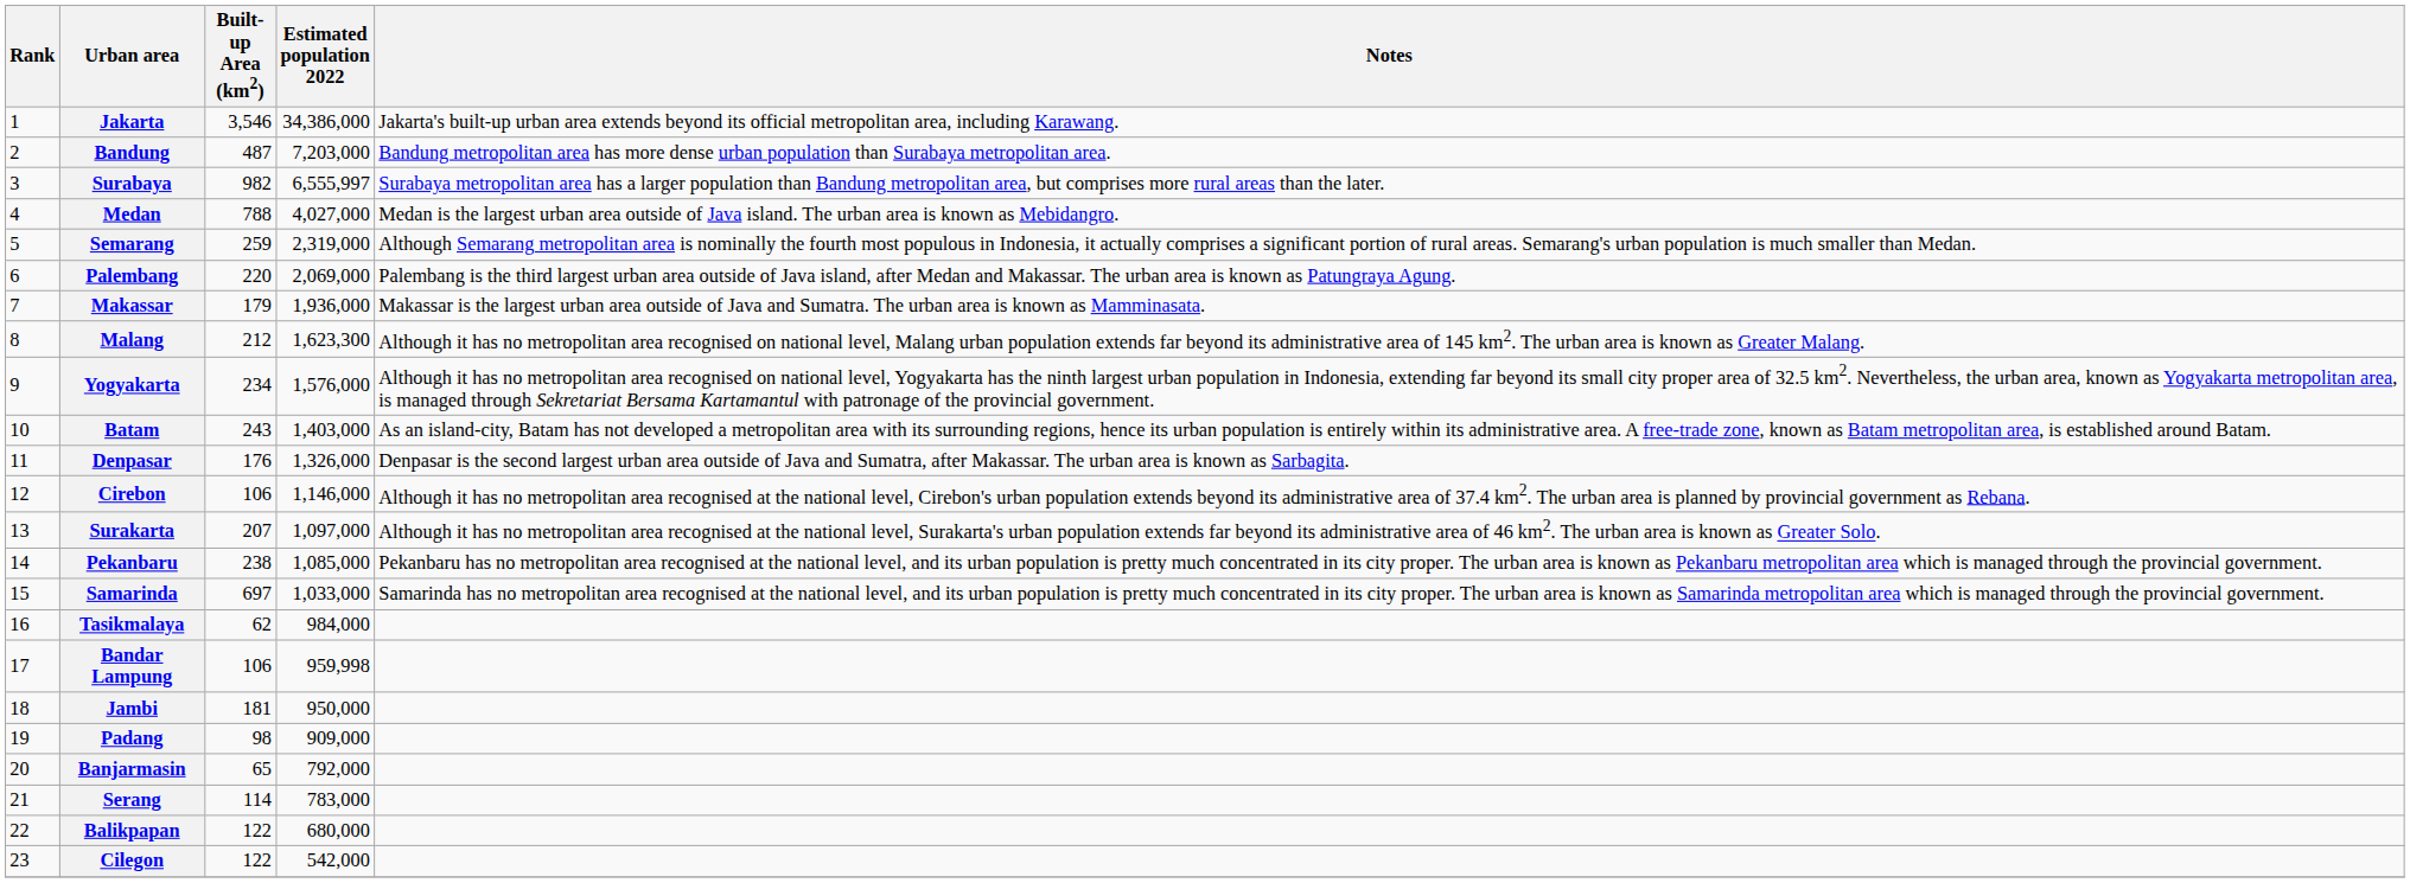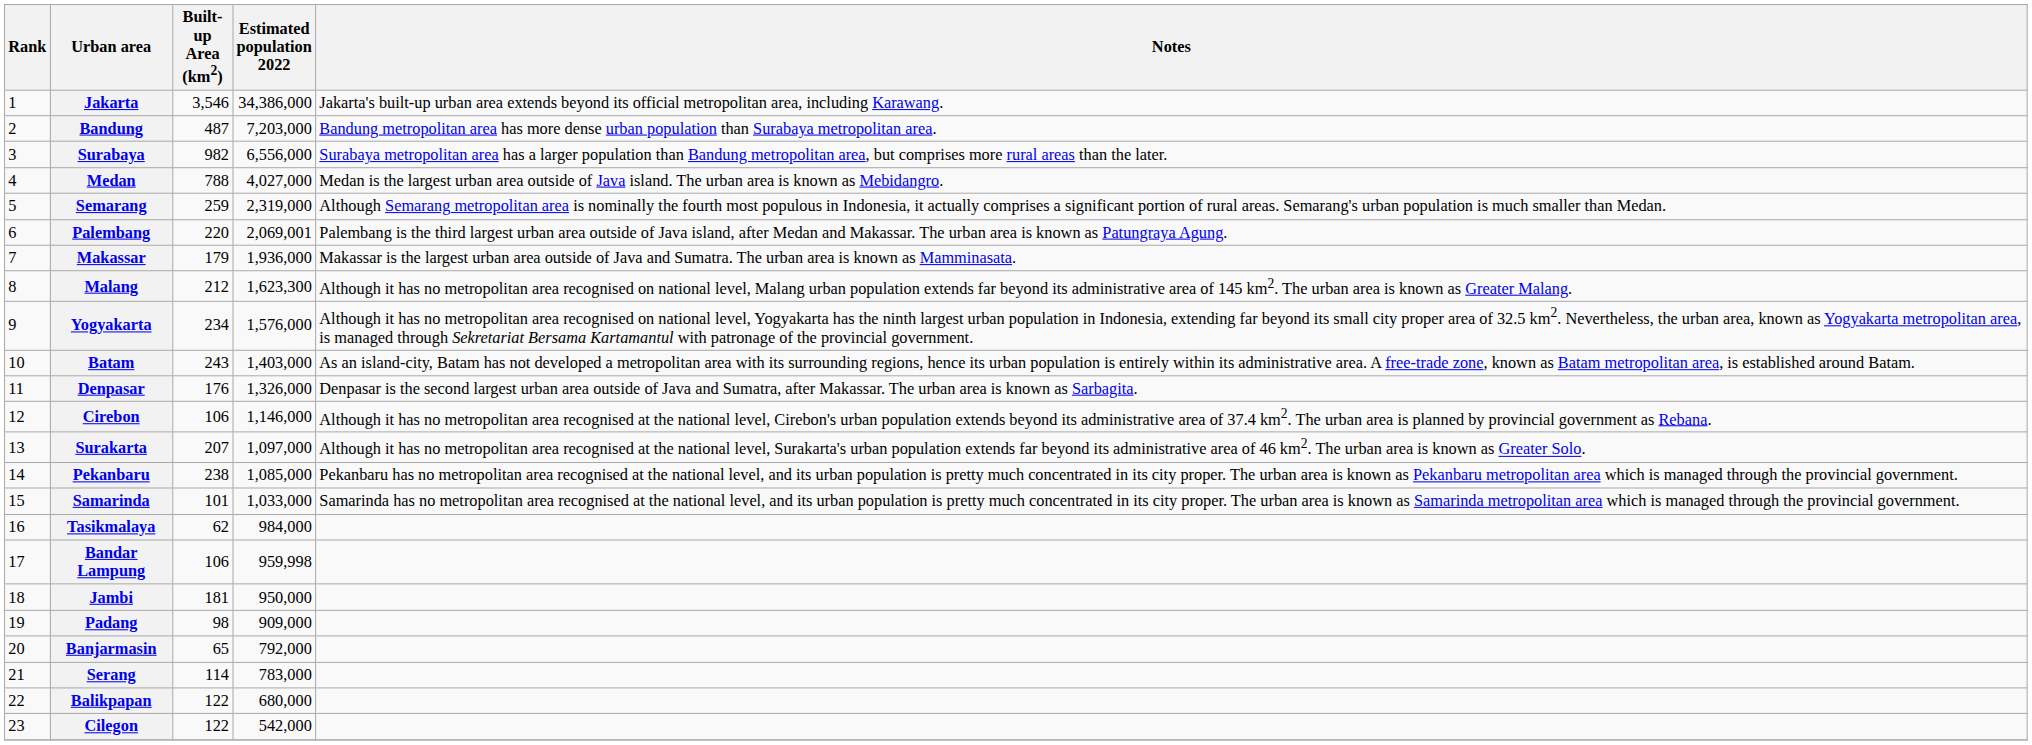 <table class="sortable wikitable plainrowheaders" style="width:100%;" style="text-align:center;">
 <tr>
 <th scope="col">Rank</th>
 <th scope="col">Urban area</th>
 <th scope="col">Built-up<br>Area<br>(km<sup>2</sup>)</th>
 <th scope="col">Estimated<br>population<br>2022</th>
 <th scope="col" class="unsortable">Notes</th>
 </tr>
 <tr>
 <td>1</td>
 <th scope="row"><a href='#'>Jakarta</a></th>
 <td align=right>3,546</td>
 <td align=right>34,386,000</td>
 <td align=left>Jakarta's built-up urban area extends beyond its official metropolitan area, including <a href='#'>Karawang</a>.</td>
 </tr>
 <tr>
 <td>2</td>
 <th scope="row"><a href='#'>Bandung</a></th>
 <td align=right>487</td>
 <td align=right>7,203,000</td>
 <td align=left><a href='#'>Bandung metropolitan area</a> has more dense <a href='#'>urban population</a> than <a href='#'>Surabaya metropolitan area</a>.</td>
 </tr>
 <tr>
 <td>3</td>
 <th scope="row"><a href='#'>Surabaya</a></th>
 <td align=right>982</td>
-<td align=right>6,555,997</td>
+<td align=right>6,556,000</td>
 <td align=left><a href='#'>Surabaya metropolitan area</a> has a larger population than <a href='#'>Bandung metropolitan area</a>, but comprises more <a href='#'>rural areas</a> than the later.</td>
 </tr>
 <tr>
 <td>4</td>
 <th scope="row"><a href='#'>Medan</a></th>
 <td align=right>788</td>
 <td align="right">4,027,000</td>
 <td align=left>Medan is the largest urban area outside of <a href='#'>Java</a> island. The urban area is known as <a href='#'>Mebidangro</a>.</td>
 </tr>
 <tr>
 <td>5</td>
 <th scope="row"><a href='#'>Semarang</a></th>
 <td align=right>259</td>
 <td align="right">2,319,000</td>
 <td align=left>Although <a href='#'>Semarang metropolitan area</a> is nominally the fourth most populous in Indonesia, it actually comprises a significant portion of rural areas. Semarang's urban population is much smaller than Medan.</td>
 </tr>
 <tr>
 <td>6</td>
 <th scope="row"><a href='#'>Palembang</a></th>
 <td align=right>220</td>
-<td align="right">2,069,000</td>
+<td align="right">2,069,001</td>
 <td align=left>Palembang is the third largest urban area outside of Java island, after Medan and Makassar. The urban area is known as <a href='#'>Patungraya Agung</a>.</td>
 </tr>
 <tr>
 <td>7</td>
 <th scope="row"><a href='#'>Makassar</a></th>
 <td align=right>179</td>
 <td align="right">1,936,000</td>
 <td align=left>Makassar is the largest urban area outside of Java and Sumatra. The urban area is known as <a href='#'>Mamminasata</a>.</td>
 </tr>
 <tr>
 <td>8</td>
 <th scope="row"><a href='#'>Malang</a></th>
 <td align=right>212</td>
 <td align="right">1,623,300</td>
 <td align=left>Although it has no metropolitan area recognised on national level, Malang urban population extends far beyond its administrative area of 145 km<sup>2</sup>. The urban area is known as <a href='#'>Greater Malang</a>.</td>
 </tr>
 <tr>
 <td>9</td>
 <th scope="row"><a href='#'>Yogyakarta</a></th>
 <td align=right>234</td>
 <td align="right">1,576,000</td>
 <td align=left>Although it has no metropolitan area recognised on national level, Yogyakarta has the ninth largest urban population in Indonesia, extending far beyond its small city proper area of 32.5 km<sup>2</sup>. Nevertheless, the urban area, known as <a href='#'>Yogyakarta metropolitan area</a>, is managed through <em>Sekretariat Bersama Kartamantul</em> with patronage of the provincial government.</td>
 </tr>
 <tr>
 <td>10</td>
 <th scope="row"><a href='#'>Batam</a></th>
 <td align=right>243</td>
 <td align="right">1,403,000</td>
 <td align=left>As an island-city, Batam has not developed a metropolitan area with its surrounding regions, hence its urban population is entirely within its administrative area. A <a href='#'>free-trade zone</a>, known as <a href='#'>Batam metropolitan area</a>, is established around Batam.</td>
 </tr>
 <tr>
 <td>11</td>
 <th scope="row"><a href='#'>Denpasar</a></th>
 <td align=right>176</td>
 <td align="right">1,326,000</td>
 <td align=left>Denpasar is the second largest urban area outside of Java and Sumatra, after Makassar. The urban area is known as <a href='#'>Sarbagita</a>.</td>
 </tr>
 <tr>
 <td>12</td>
 <th scope="row"><a href='#'>Cirebon</a></th>
 <td align=right>106</td>
 <td align="right">1,146,000</td>
 <td align=left>Although it has no metropolitan area recognised at the national level, Cirebon's urban population extends beyond its administrative area of 37.4 km<sup>2</sup>. The urban area is planned by provincial government as <a href='#'>Rebana</a>.</td>
 </tr>
 <tr>
 <td>13</td>
 <th scope="row"><a href='#'>Surakarta</a></th>
 <td align=right>207</td>
 <td align="right">1,097,000</td>
 <td align=left>Although it has no metropolitan area recognised at the national level, Surakarta's urban population extends far beyond its administrative area of 46 km<sup>2</sup>. The urban area is known as <a href='#'>Greater Solo</a>.</td>
 </tr>
 <tr>
 <td>14</td>
 <th scope="row"><a href='#'>Pekanbaru</a></th>
 <td align=right>238</td>
 <td align="right">1,085,000</td>
 <td align=left>Pekanbaru has no metropolitan area recognised at the national level, and its urban population is pretty much concentrated in its city proper. The urban area is known as <a href='#'>Pekanbaru metropolitan area</a> which is managed through the provincial government.</td>
 </tr>
 <tr>
 <td>15</td>
 <th scope="row"><a href='#'>Samarinda</a></th>
-<td align=right>697</td>
+<td align=right>101</td>
 <td align="right">1,033,000</td>
 <td align=left>Samarinda has no metropolitan area recognised at the national level, and its urban population is pretty much concentrated in its city proper. The urban area is known as <a href='#'>Samarinda metropolitan area</a> which is managed through the provincial government.</td>
 </tr>
 <tr>
 <td>16</td>
 <th scope="row"><a href='#'>Tasikmalaya</a></th>
 <td align=right>62</td>
 <td align="right">984,000</td>
 <td align=left></td>
 </tr>
 <tr>
 <td>17</td>
 <th scope="row"><a href='#'>Bandar Lampung</a></th>
 <td align=right>106</td>
 <td align="right">959,998</td>
 <td align=left></td>
 </tr>
 <tr>
 <td>18</td>
 <th scope="row"><a href='#'>Jambi</a></th>
 <td align=right>181</td>
 <td align="right">950,000</td>
 <td align=left></td>
 </tr>
 <tr>
 <td>19</td>
 <th scope="row"><a href='#'>Padang</a></th>
 <td align=right>98</td>
 <td align="right">909,000</td>
 <td align=left></td>
 </tr>
 <tr>
 <td>20</td>
 <th scope="row"><a href='#'>Banjarmasin</a></th>
 <td align=right>65</td>
 <td align="right">792,000</td>
 <td align=left></td>
 </tr>
 <tr>
 <td>21</td>
 <th scope="row"><a href='#'>Serang</a></th>
 <td align=right>114</td>
 <td align="right">783,000</td>
 <td align=left></td>
 </tr>
 <tr>
 <td>22</td>
 <th scope="row"><a href='#'>Balikpapan</a></th>
 <td align=right>122</td>
 <td align="right">680,000</td>
 <td align=left></td>
 </tr>
 <tr>
 <td>23</td>
 <th scope="row"><a href='#'>Cilegon</a></th>
 <td align=right>122</td>
 <td align="right">542,000</td>
 <td align=left></td>
 </tr>
 <tr>
 </tr>
 </table>
